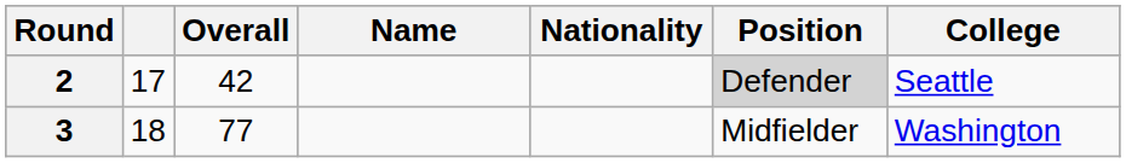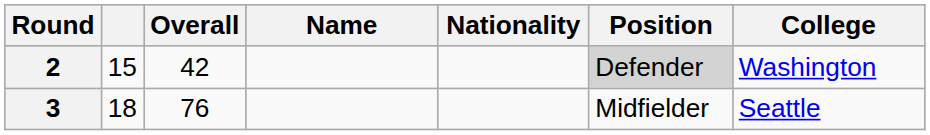 <table class="wikitable sortable" style="width:90%">
 <tr>
 <th scope="col" style="width: 3%;">Round</th>
 <th scope="col" style="width: 3%;"></th>
 <th scope="col" style="width: 4%;">Overall</th>
 <th scope="col" style="width: 20%;">Name</th>
 <th scope="col" style="width: 15%;">Nationality</th>
 <th scope="col" style="width: 15%;">Position</th>
 <th scope="col" style="width: 20%;">College</th>
 </tr>
 <tr>
 <th scope="row">2</th>
-<td align="center">17</td>
+<td align="center">15</td>
 <td align="center">42</td>
 <td></td>
 <td></td>
 <td style="background: lightgrey;">Defender</td>
-<td><a href='#'>Seattle</a></td>
+<td><a href='#'>Washington</a></td>
 </tr>
 <tr>
 <th scope="row">3</th>
 <td align="center">18</td>
-<td align="center">77</td>
+<td align="center">76</td>
 <td></td>
 <td></td>
 <td>Midfielder</td>
-<td><a href='#'>Washington</a></td>
+<td><a href='#'>Seattle</a></td>
 </tr>
 </table>
